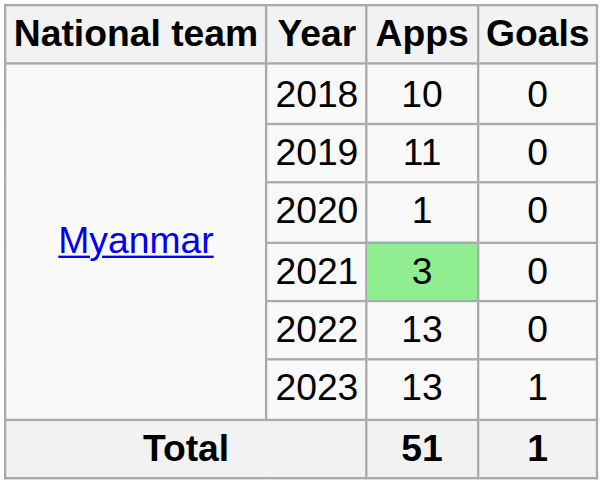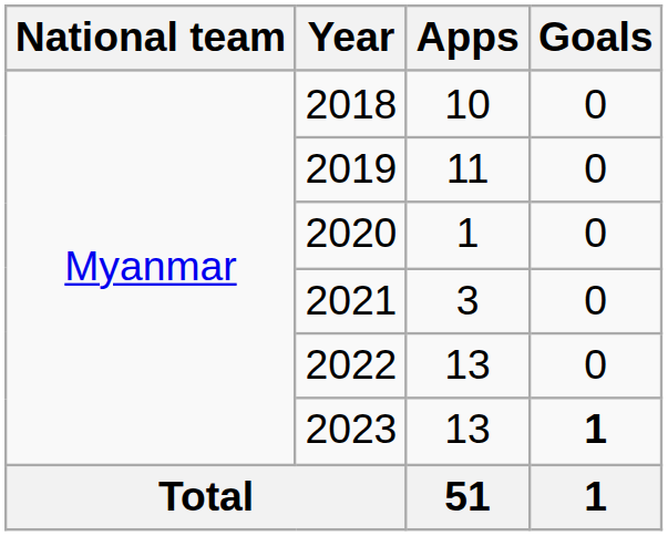 <table class="wikitable" style="text-align:center">
 <tr>
 <th>National team</th>
 <th>Year</th>
 <th>Apps</th>
 <th>Goals</th>
 </tr>
 <tr>
 <td rowspan=6><a href='#'>Myanmar</a></td>
 <td>2018</td>
 <td>10</td>
 <td>0</td>
 </tr>
 <tr>
 <td>2019</td>
 <td>11</td>
 <td>0</td>
 </tr>
 <tr>
 <td>2020</td>
 <td>1</td>
 <td>0</td>
 </tr>
 <tr>
 <td>2021</td>
-<td style="background: lightgreen;">3</td>
+<td>3</td>
 <td>0</td>
 </tr>
 <tr>
 <td>2022</td>
 <td>13</td>
 <td>0</td>
 </tr>
 <tr>
 <td>2023</td>
 <td>13</td>
-<td>1</td>
+<td><strong>1</strong></td>
 </tr>
 <tr>
 <th colspan=2>Total</th>
 <th>51</th>
 <th>1</th>
 </tr>
 </table>
